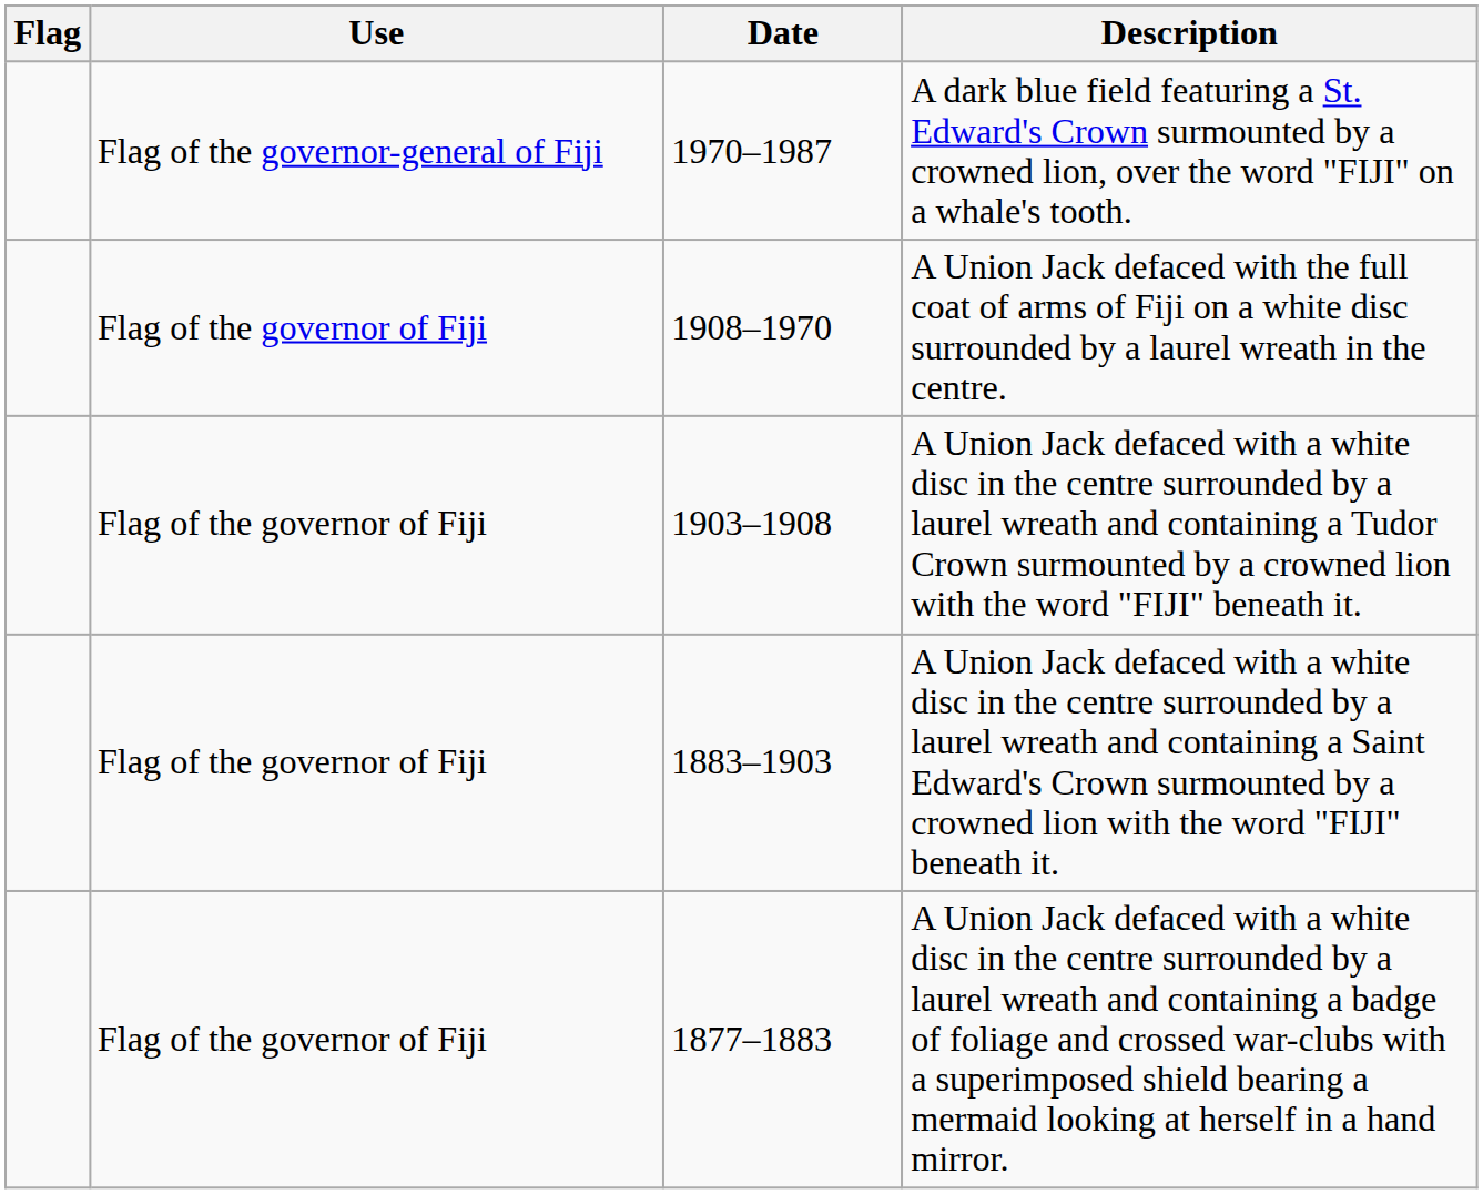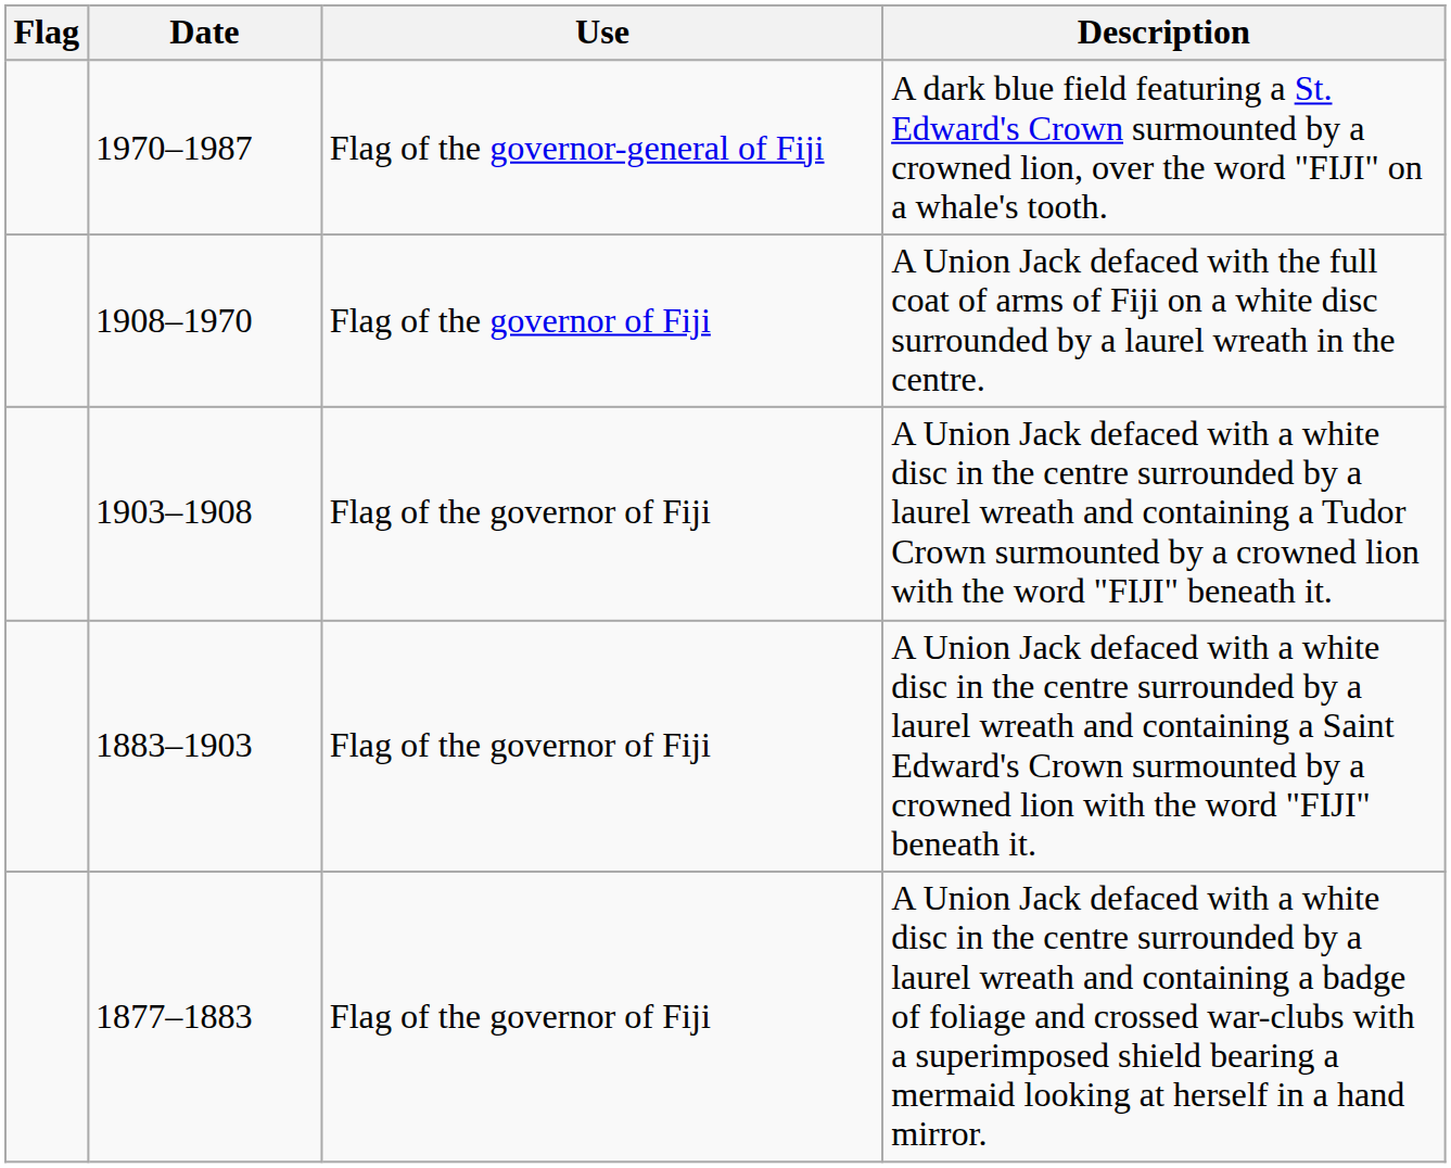 <table class="wikitable">
 <tr>
 <th>Flag</th>
+<th style="width:100px;">Date</th>
 <th style="width:250px;">Use</th>
-<th style="width:100px;">Date</th>
 <th style="width:250px;">Description</th>
 </tr>
 <tr>
 <td></td>
+<td>1970–1987</td>
 <td>Flag of the <a href='#'>governor-general of Fiji</a></td>
-<td>1970–1987</td>
 <td>A dark blue field featuring a <a href='#'>St. Edward's Crown</a> surmounted by a crowned lion, over the word "FIJI" on a whale's tooth.</td>
 </tr>
 <tr>
 <td></td>
+<td>1908–1970</td>
 <td>Flag of the <a href='#'>governor of Fiji</a></td>
-<td>1908–1970</td>
 <td>A Union Jack defaced with the full coat of arms of Fiji on a white disc surrounded by a laurel wreath in the centre.</td>
 </tr>
 <tr>
 <td></td>
+<td>1903–1908</td>
 <td>Flag of the governor of Fiji</td>
-<td>1903–1908</td>
 <td>A Union Jack defaced with a white disc in the centre surrounded by a laurel wreath and containing a Tudor Crown surmounted by a crowned lion with the word "FIJI" beneath it.</td>
 </tr>
 <tr>
 <td></td>
+<td>1883–1903</td>
 <td>Flag of the governor of Fiji</td>
-<td>1883–1903</td>
 <td>A Union Jack defaced with a white disc in the centre surrounded by a laurel wreath and containing a Saint Edward's Crown surmounted by a crowned lion with the word "FIJI" beneath it.</td>
 </tr>
 <tr>
 <td></td>
+<td>1877–1883</td>
 <td>Flag of the governor of Fiji</td>
-<td>1877–1883</td>
 <td>A Union Jack defaced with a white disc in the centre surrounded by a laurel wreath and containing a badge of foliage and crossed war-clubs with a superimposed shield bearing a mermaid looking at herself in a hand mirror.</td>
 </tr>
 </table>
